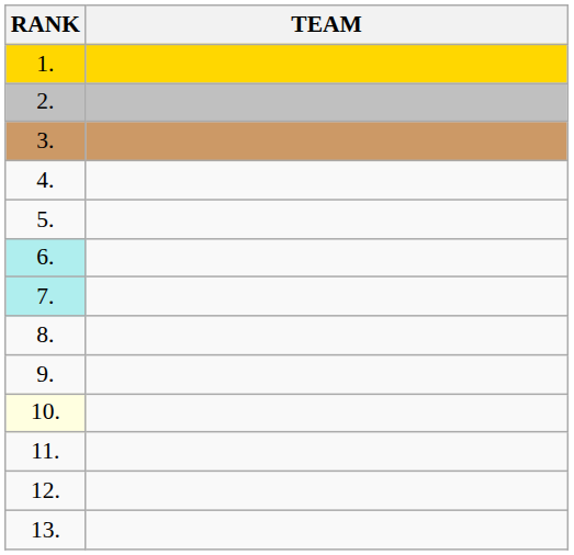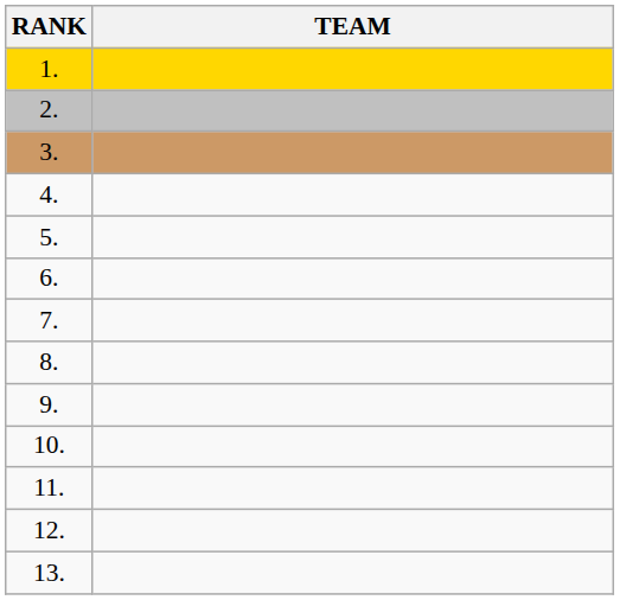 <table class="wikitable" style="border-collapse: collapse; font-size: 90%;">
 <tr>
 <th>RANK</th>
 <th align="center" style="width: 20em">TEAM</th>
 </tr>
 <tr bgcolor=gold>
 <td align="center">1.</td>
 <td></td>
 </tr>
 <tr bgcolor=silver>
 <td align="center">2.</td>
 <td></td>
 </tr>
 <tr bgcolor=#cc9966>
 <td align="center">3.</td>
 <td></td>
 </tr>
 <tr>
 <td align="center">4.</td>
 <td></td>
 </tr>
 <tr>
 <td align="center">5.</td>
 <td></td>
 </tr>
 <tr>
-<td align="center" style="background: paleturquoise;">6.</td>
+<td align="center">6.</td>
 <td></td>
 </tr>
 <tr>
-<td align="center" style="background: paleturquoise;">7.</td>
+<td align="center">7.</td>
 <td></td>
 </tr>
 <tr>
 <td align="center">8.</td>
 <td></td>
 </tr>
 <tr>
 <td align="center">9.</td>
 <td></td>
 </tr>
 <tr>
-<td align="center" style="background: lightyellow;">10.</td>
+<td align="center">10.</td>
 <td></td>
 </tr>
 <tr>
 <td align="center">11.</td>
 <td></td>
 </tr>
 <tr>
 <td align="center">12.</td>
 <td></td>
 </tr>
 <tr>
 <td align="center">13.</td>
 <td></td>
 </tr>
 </table>
